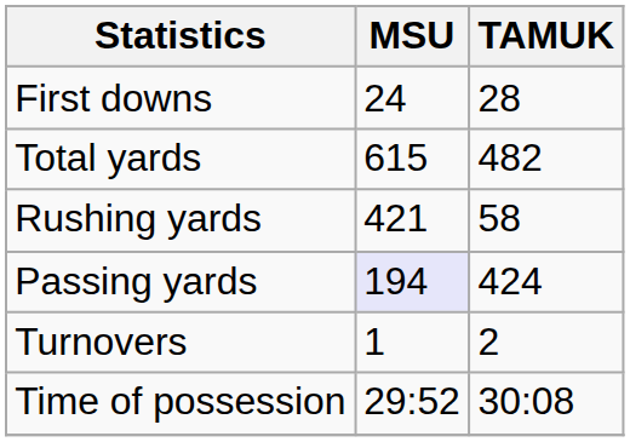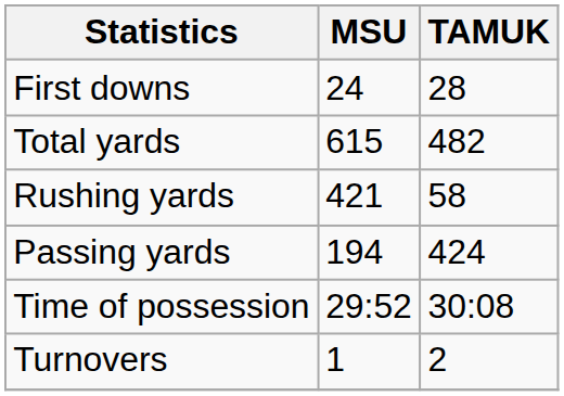 <table class="wikitable">
 <tr>
 <th>Statistics</th>
 <th>MSU</th>
 <th>TAMUK</th>
 </tr>
 <tr>
 <td>First downs</td>
 <td>24</td>
 <td>28</td>
 </tr>
 <tr>
 <td>Total yards</td>
 <td>615</td>
 <td>482</td>
 </tr>
 <tr>
 <td>Rushing yards</td>
 <td>421</td>
 <td>58</td>
 </tr>
 <tr>
 <td>Passing yards</td>
-<td style="background: lavender;">194</td>
+<td>194</td>
 <td>424</td>
+</tr>
+<tr>
+<td>Time of possession</td>
+<td>29:52</td>
+<td>30:08</td>
 </tr>
 <tr>
 <td>Turnovers</td>
 <td>1</td>
 <td>2</td>
 </tr>
 <tr>
-<td>Time of possession</td>
-<td>29:52</td>
-<td>30:08</td>
-</tr>
-<tr>
 </tr>
 </table>
